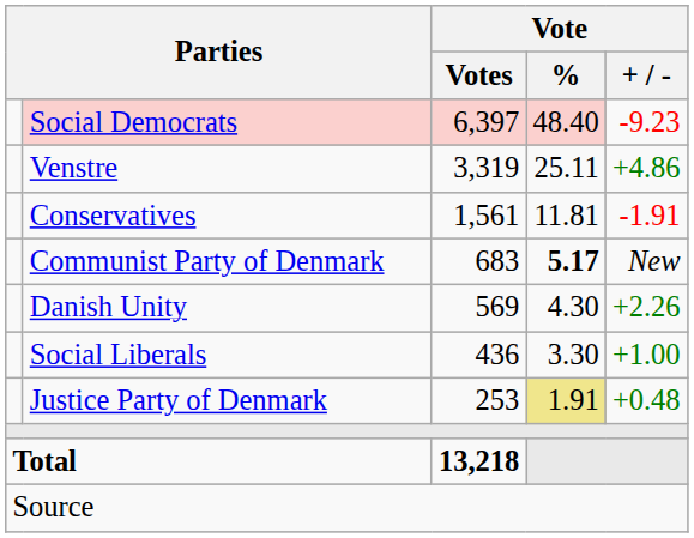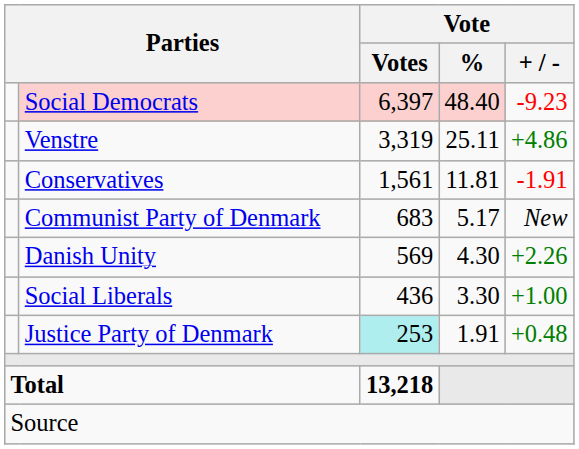 <table class="wikitable" style="text-align:right;">
 <tr>
 <th style="text-align:centre;" rowspan="2" colspan="2" width="225">Parties</th>
 <th colspan="3">Vote</th>
 </tr>
 <tr>
 <th width="15">Votes</th>
 <th width="15">%</th>
 <th width="15">+ / -</th>
 </tr>
 <tr>
 <td width="2" style="color:inherit;background:"></td>
 <td bgcolor=#fbd0ce  align="left"><a href='#'>Social Democrats</a></td>
 <td bgcolor=#fbd0ce>6,397</td>
 <td bgcolor=#fbd0ce>48.40</td>
 <td style=color:red;>-9.23</td>
 </tr>
 <tr>
 <td width="2" style="color:inherit;background:"></td>
 <td align="left"><a href='#'>Venstre</a></td>
 <td>3,319</td>
 <td>25.11</td>
 <td style=color:green;>+4.86</td>
 </tr>
 <tr>
 <td width="2" style="color:inherit;background:"></td>
 <td align="left"><a href='#'>Conservatives</a></td>
 <td>1,561</td>
 <td>11.81</td>
 <td style=color:red;>-1.91</td>
 </tr>
 <tr>
 <td width="2" style="color:inherit;background:"></td>
 <td align="left"><a href='#'>Communist Party of Denmark</a></td>
 <td>683</td>
-<td><strong>5.17</strong></td>
+<td>5.17</td>
 <td><em>New</em></td>
 </tr>
 <tr>
 <td width="2" style="color:inherit;background:"></td>
 <td align="left"><a href='#'>Danish Unity</a></td>
 <td>569</td>
 <td>4.30</td>
 <td style=color:green;>+2.26</td>
 </tr>
 <tr>
 <td width="2" style="color:inherit;background:"></td>
 <td align="left"><a href='#'>Social Liberals</a></td>
 <td>436</td>
 <td>3.30</td>
 <td style=color:green;>+1.00</td>
 </tr>
 <tr>
 <td width="2" style="color:inherit;background:"></td>
 <td align="left"><a href='#'>Justice Party of Denmark</a></td>
-<td>253</td>
-<td style="background: khaki;">1.91</td>
+<td style="background: paleturquoise;">253</td>
+<td>1.91</td>
 <td style=color:green;>+0.48</td>
 </tr>
 <tr>
 <td colspan="7" bgcolor="#E9E9E9"></td>
 </tr>
 <tr>
 <td align="left" colspan="2"><strong>Total</strong></td>
 <td><strong>13,218</strong></td>
 <td bgcolor="#E9E9E9" colspan="2"></td>
 </tr>
 <tr>
 <td align="left" colspan="6">Source</td>
 </tr>
 </table>
